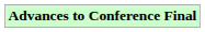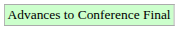 <table class="wikitable">
 <tr>
 </tr>
 <tr width=10px bgcolor=ccffcc>
-<td><strong>Advances to Conference Final</strong></td>
+<td>Advances to Conference Final</td>
 </tr>
 <tr>
 </tr>
 </table>
